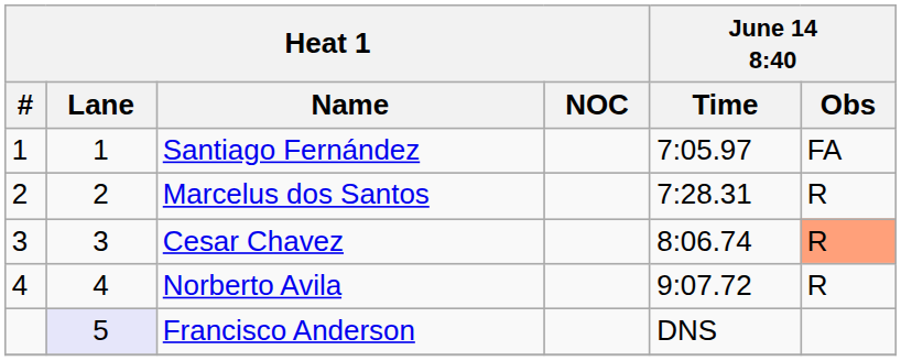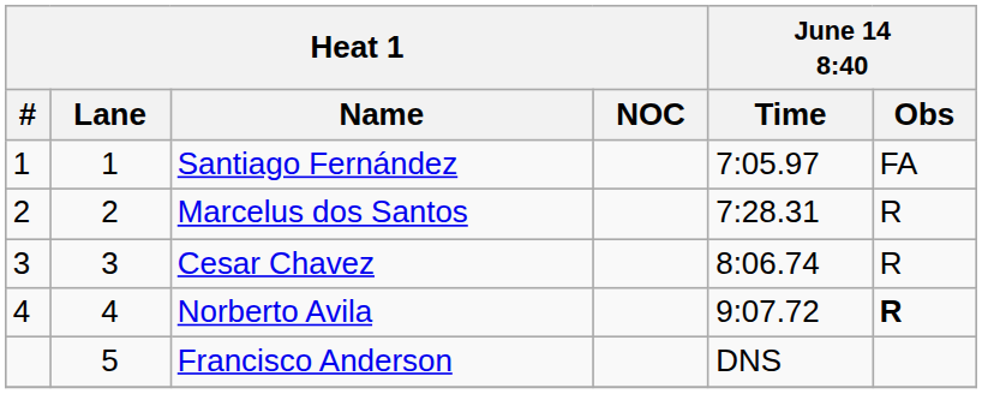 <table class="wikitable" width=500>
 <tr>
 <th colspan=4>Heat 1</th>
 <th colspan=2><small>June 14<br>8:40</small></th>
 </tr>
 <tr>
 <th>#</th>
 <th>Lane</th>
 <th>Name</th>
 <th>NOC</th>
 <th>Time</th>
 <th>Obs</th>
 </tr>
 <tr>
 <td>1</td>
 <td align=center>1</td>
 <td><a href='#'>Santiago Fernández</a></td>
 <td></td>
 <td>7:05.97</td>
 <td>FA</td>
 </tr>
 <tr>
 <td>2</td>
 <td align=center>2</td>
 <td><a href='#'>Marcelus dos Santos</a></td>
 <td></td>
 <td>7:28.31</td>
 <td>R</td>
 </tr>
 <tr>
 <td>3</td>
 <td align=center>3</td>
 <td><a href='#'>Cesar Chavez</a></td>
 <td></td>
 <td>8:06.74</td>
-<td style="background: lightsalmon;">R</td>
+<td>R</td>
 </tr>
 <tr>
 <td>4</td>
 <td align=center>4</td>
 <td><a href='#'>Norberto Avila</a></td>
 <td></td>
 <td>9:07.72</td>
-<td>R</td>
+<td><strong>R</strong></td>
 </tr>
 <tr>
 <td></td>
-<td align=center style="background: lavender;">5</td>
+<td align=center>5</td>
 <td><a href='#'>Francisco Anderson</a></td>
 <td></td>
 <td>DNS</td>
 <td></td>
 </tr>
 <tr>
 </tr>
 </table>
